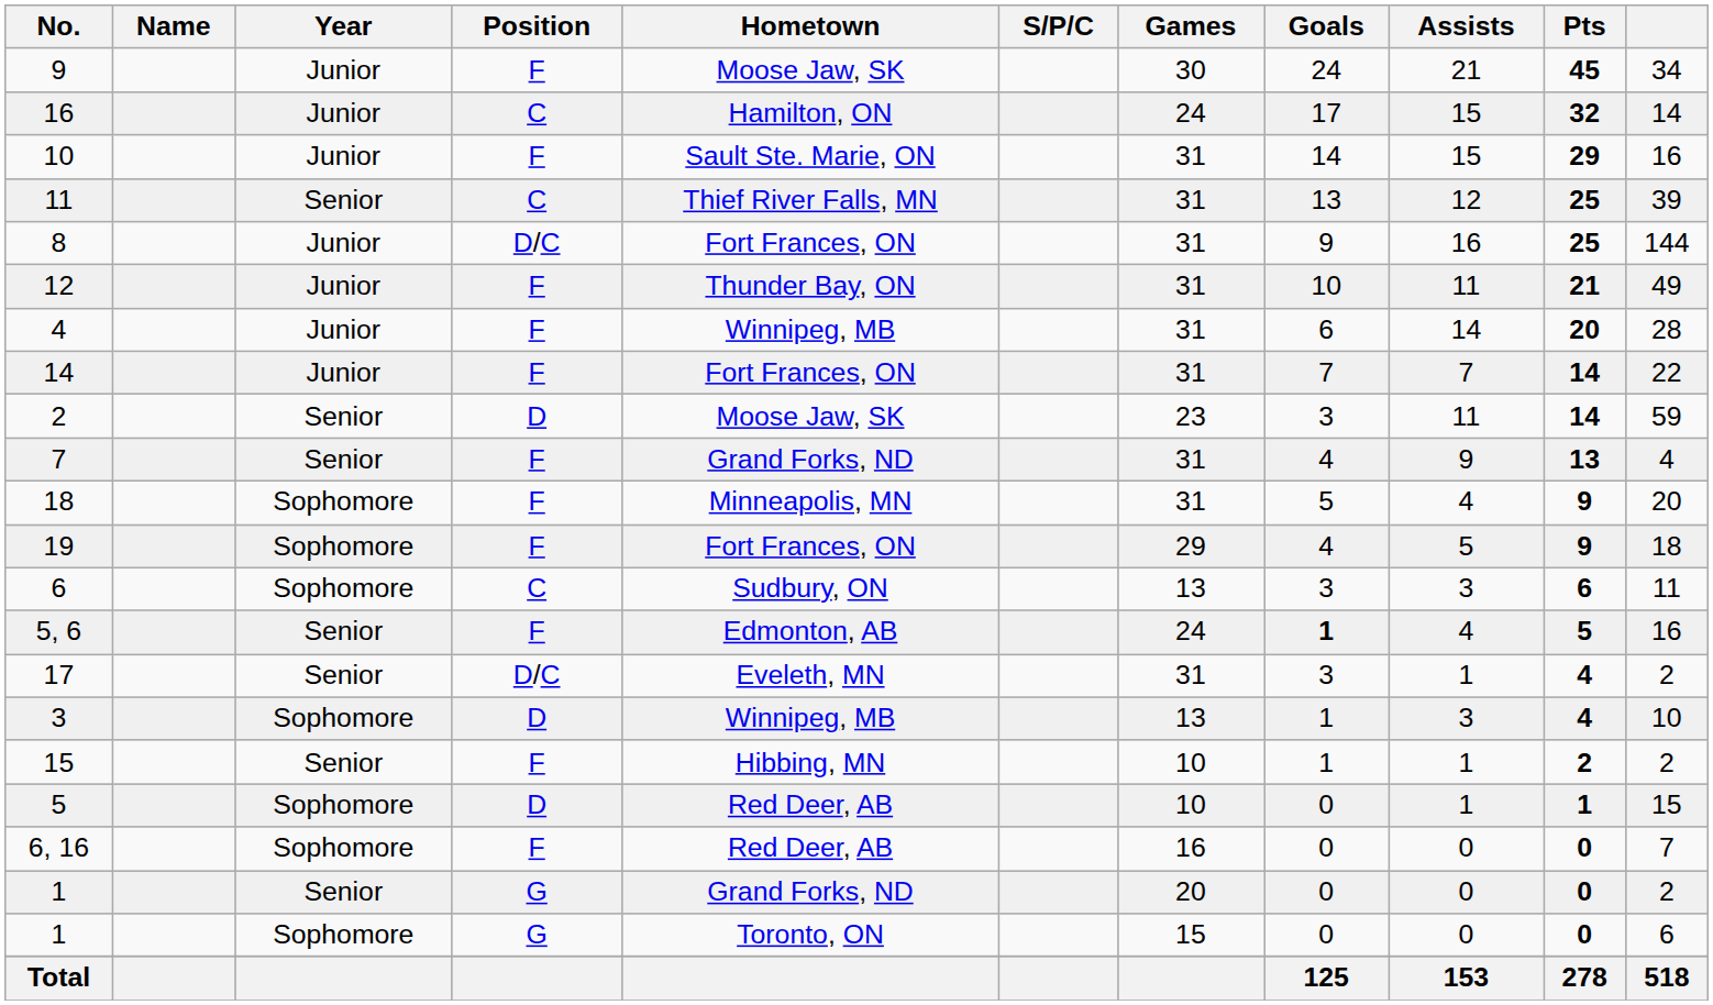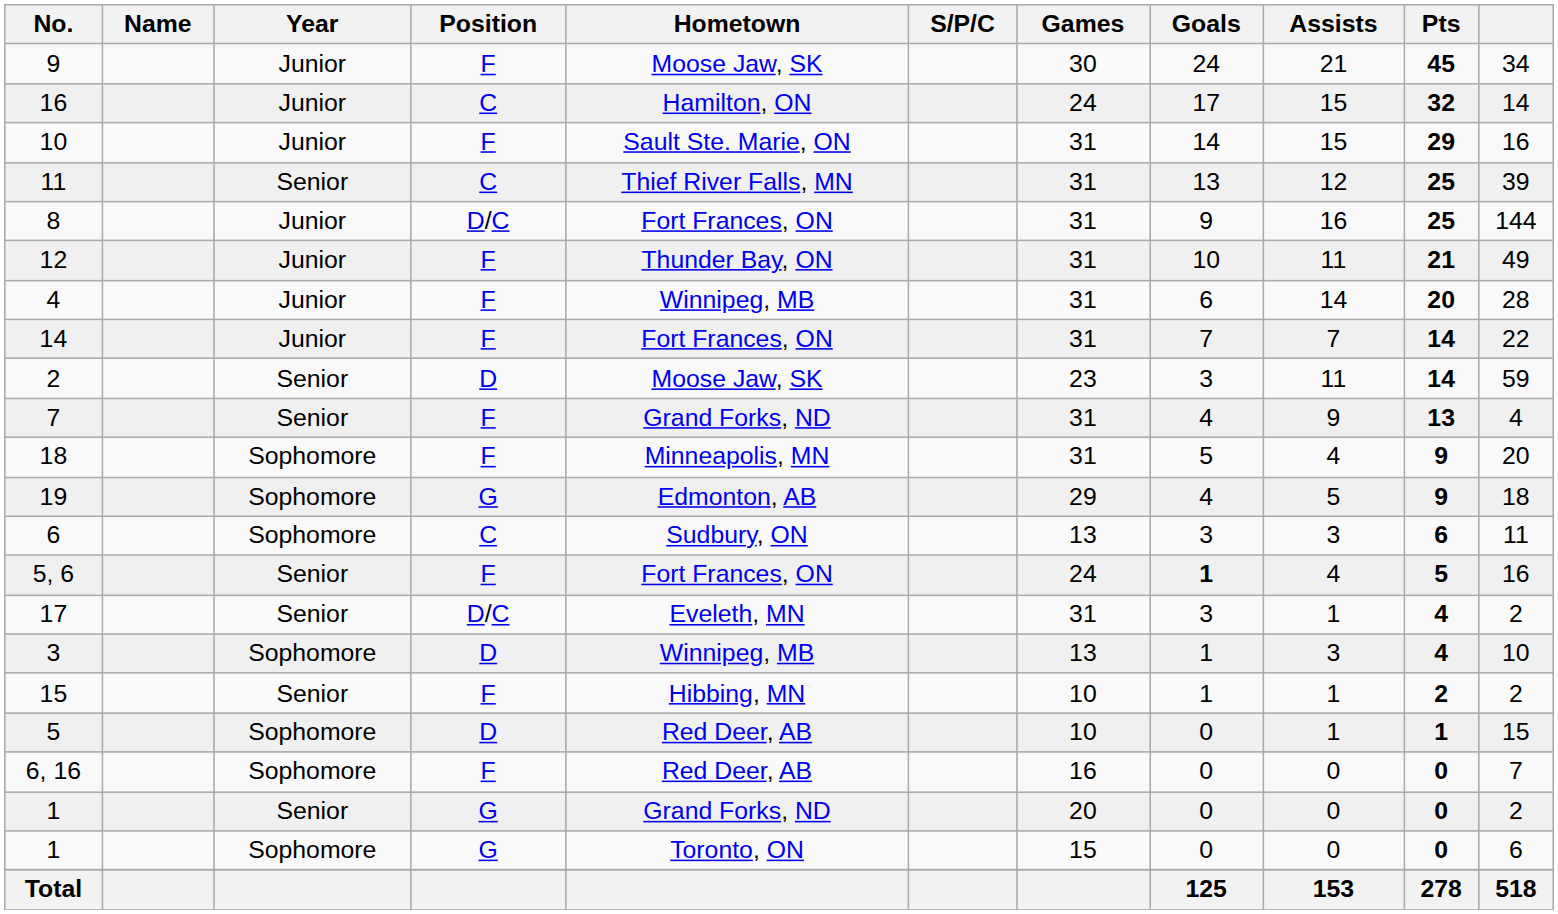 <table class="wikitable sortable" width ="1000">
 <tr align="center">
 <th><strong>No.</strong></th>
 <th><strong>Name</strong></th>
 <th><strong>Year</strong></th>
 <th><strong>Position</strong></th>
 <th><strong>Hometown</strong></th>
 <th><strong>S/P/C</strong></th>
 <th><strong>Games</strong></th>
 <th><strong>Goals</strong></th>
 <th><strong>Assists</strong></th>
 <th><strong>Pts</strong></th>
 <th><strong><a href='#'></a></strong></th>
 </tr>
 <tr align="center" bgcolor="">
 <td>9</td>
 <td></td>
 <td>Junior</td>
 <td><a href='#'>F</a></td>
 <td><a href='#'>Moose Jaw</a>, <a href='#'>SK</a></td>
 <td></td>
 <td>30</td>
 <td>24</td>
 <td>21</td>
 <td><strong>45</strong></td>
 <td>34</td>
 </tr>
 <tr align="center" bgcolor="#f0f0f0">
 <td>16</td>
 <td></td>
 <td>Junior</td>
 <td><a href='#'>C</a></td>
 <td><a href='#'>Hamilton</a>, <a href='#'>ON</a></td>
 <td></td>
 <td>24</td>
 <td>17</td>
 <td>15</td>
 <td><strong>32</strong></td>
 <td>14</td>
 </tr>
 <tr align="center">
 <td>10</td>
 <td></td>
 <td>Junior</td>
 <td><a href='#'>F</a></td>
 <td><a href='#'>Sault Ste. Marie</a>, <a href='#'>ON</a></td>
 <td></td>
 <td>31</td>
 <td>14</td>
 <td>15</td>
 <td><strong>29</strong></td>
 <td>16</td>
 </tr>
 <tr align="center" bgcolor="#f0f0f0">
 <td>11</td>
 <td></td>
 <td>Senior</td>
 <td><a href='#'>C</a></td>
 <td><a href='#'>Thief River Falls</a>, <a href='#'>MN</a></td>
 <td></td>
 <td>31</td>
 <td>13</td>
 <td>12</td>
 <td><strong>25</strong></td>
 <td>39</td>
 </tr>
 <tr align="center">
 <td>8</td>
 <td></td>
 <td>Junior</td>
 <td><a href='#'>D</a>/<a href='#'>C</a></td>
 <td><a href='#'>Fort Frances</a>, <a href='#'>ON</a></td>
 <td></td>
 <td>31</td>
 <td>9</td>
 <td>16</td>
 <td><strong>25</strong></td>
 <td>144</td>
 </tr>
 <tr align="center" bgcolor="#f0f0f0">
 <td>12</td>
 <td></td>
 <td>Junior</td>
 <td><a href='#'>F</a></td>
 <td><a href='#'>Thunder Bay</a>, <a href='#'>ON</a></td>
 <td></td>
 <td>31</td>
 <td>10</td>
 <td>11</td>
 <td><strong>21</strong></td>
 <td>49</td>
 </tr>
 <tr align="center">
 <td>4</td>
 <td></td>
 <td>Junior</td>
 <td><a href='#'>F</a></td>
 <td><a href='#'>Winnipeg</a>, <a href='#'>MB</a></td>
 <td></td>
 <td>31</td>
 <td>6</td>
 <td>14</td>
 <td><strong>20</strong></td>
 <td>28</td>
 </tr>
 <tr align="center" bgcolor="#f0f0f0">
 <td>14</td>
 <td></td>
 <td>Junior</td>
 <td><a href='#'>F</a></td>
 <td><a href='#'>Fort Frances</a>, <a href='#'>ON</a></td>
 <td></td>
 <td>31</td>
 <td>7</td>
 <td>7</td>
 <td><strong>14</strong></td>
 <td>22</td>
 </tr>
 <tr align="center">
 <td>2</td>
 <td></td>
 <td>Senior</td>
 <td><a href='#'>D</a></td>
 <td><a href='#'>Moose Jaw</a>, <a href='#'>SK</a></td>
 <td></td>
 <td>23</td>
 <td>3</td>
 <td>11</td>
 <td><strong>14</strong></td>
 <td>59</td>
 </tr>
 <tr align="center" bgcolor="#f0f0f0">
 <td>7</td>
 <td></td>
 <td>Senior</td>
 <td><a href='#'>F</a></td>
 <td><a href='#'>Grand Forks</a>, <a href='#'>ND</a></td>
 <td></td>
 <td>31</td>
 <td>4</td>
 <td>9</td>
 <td><strong>13</strong></td>
 <td>4</td>
 </tr>
 <tr align="center">
 <td>18</td>
 <td></td>
 <td>Sophomore</td>
 <td><a href='#'>F</a></td>
 <td><a href='#'>Minneapolis</a>, <a href='#'>MN</a></td>
 <td></td>
 <td>31</td>
 <td>5</td>
 <td>4</td>
 <td><strong>9</strong></td>
 <td>20</td>
 </tr>
 <tr align="center" bgcolor="#f0f0f0">
 <td>19</td>
 <td></td>
 <td>Sophomore</td>
-<td><a href='#'>F</a></td>
-<td><a href='#'>Fort Frances</a>, <a href='#'>ON</a></td>
+<td><a href='#'>G</a></td>
+<td><a href='#'>Edmonton</a>, <a href='#'>AB</a></td>
 <td></td>
 <td>29</td>
 <td>4</td>
 <td>5</td>
 <td><strong>9</strong></td>
 <td>18</td>
 </tr>
 <tr align="center">
 <td>6</td>
 <td></td>
 <td>Sophomore</td>
 <td><a href='#'>C</a></td>
 <td><a href='#'>Sudbury</a>, <a href='#'>ON</a></td>
 <td></td>
 <td>13</td>
 <td>3</td>
 <td>3</td>
 <td><strong>6</strong></td>
 <td>11</td>
 </tr>
 <tr align="center" bgcolor="#f0f0f0">
 <td>5, 6</td>
 <td></td>
 <td>Senior</td>
 <td><a href='#'>F</a></td>
-<td><a href='#'>Edmonton</a>, <a href='#'>AB</a></td>
+<td><a href='#'>Fort Frances</a>, <a href='#'>ON</a></td>
 <td></td>
 <td>24</td>
 <td><strong>1</strong></td>
 <td>4</td>
 <td><strong>5</strong></td>
 <td>16</td>
 </tr>
 <tr align="center">
 <td>17</td>
 <td></td>
 <td>Senior</td>
 <td><a href='#'>D</a>/<a href='#'>C</a></td>
 <td><a href='#'>Eveleth</a>, <a href='#'>MN</a></td>
 <td></td>
 <td>31</td>
 <td>3</td>
 <td>1</td>
 <td><strong>4</strong></td>
 <td>2</td>
 </tr>
 <tr align="center" bgcolor="#f0f0f0">
 <td>3</td>
 <td></td>
 <td>Sophomore</td>
 <td><a href='#'>D</a></td>
 <td><a href='#'>Winnipeg</a>, <a href='#'>MB</a></td>
 <td></td>
 <td>13</td>
 <td>1</td>
 <td>3</td>
 <td><strong>4</strong></td>
 <td>10</td>
 </tr>
 <tr align="center">
 <td>15</td>
 <td></td>
 <td>Senior</td>
 <td><a href='#'>F</a></td>
 <td><a href='#'>Hibbing</a>, <a href='#'>MN</a></td>
 <td></td>
 <td>10</td>
 <td>1</td>
 <td>1</td>
 <td><strong>2</strong></td>
 <td>2</td>
 </tr>
 <tr align="center" bgcolor="#f0f0f0">
 <td>5</td>
 <td></td>
 <td>Sophomore</td>
 <td><a href='#'>D</a></td>
 <td><a href='#'>Red Deer</a>, <a href='#'>AB</a></td>
 <td></td>
 <td>10</td>
 <td>0</td>
 <td>1</td>
 <td><strong>1</strong></td>
 <td>15</td>
 </tr>
 <tr align="center">
 <td>6, 16</td>
 <td></td>
 <td>Sophomore</td>
 <td><a href='#'>F</a></td>
 <td><a href='#'>Red Deer</a>, <a href='#'>AB</a></td>
 <td></td>
 <td>16</td>
 <td>0</td>
 <td>0</td>
 <td><strong>0</strong></td>
 <td>7</td>
 </tr>
 <tr align="center" bgcolor="#f0f0f0">
 <td>1</td>
 <td></td>
 <td>Senior</td>
 <td><a href='#'>G</a></td>
 <td><a href='#'>Grand Forks</a>, <a href='#'>ND</a></td>
 <td></td>
 <td>20</td>
 <td>0</td>
 <td>0</td>
 <td><strong>0</strong></td>
 <td>2</td>
 </tr>
 <tr align="center">
 <td>1</td>
 <td></td>
 <td>Sophomore</td>
 <td><a href='#'>G</a></td>
 <td><a href='#'>Toronto</a>, <a href='#'>ON</a></td>
 <td></td>
 <td>15</td>
 <td>0</td>
 <td>0</td>
 <td><strong>0</strong></td>
 <td>6</td>
 </tr>
 <tr align="center" bgcolor="#f0f0f0">
 </tr>
 <tr>
 <th>Total</th>
 <th></th>
 <th></th>
 <th></th>
 <th></th>
 <th></th>
 <th></th>
 <th>125</th>
 <th>153</th>
 <th>278</th>
 <th>518</th>
 </tr>
 </table>
